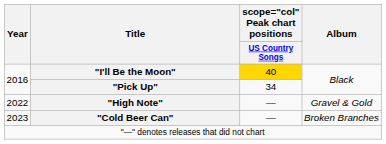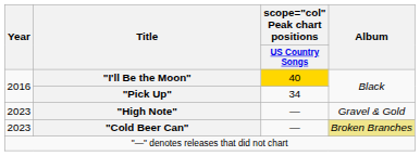 <table class="wikitable plainrowheaders" style="text-align:center;">
 <tr>
 <th scope="col" rowspan="2">Year</th>
 <th scope="col" rowspan="2" style="width:21em;">Title</th>
 <th>scope="col" Peak chart positions</th>
 <th scope="col" rowspan="2">Album</th>
 </tr>
 <tr style=font-size:smaller;>
 <th scope="col" style="width:4em;"><a href='#'>US Country Songs</a><br></th>
 </tr>
 <tr>
 <td rowspan="2">2016</td>
 <th scope="row">"I'll Be the Moon" </th>
 <td style="background: gold;">40</td>
 <td rowspan="2"><em>Black</em></td>
 </tr>
 <tr>
 <th scope="row">"Pick Up"</th>
 <td>34</td>
 </tr>
 <tr>
-<td>2022</td>
+<td>2023</td>
 <th scope="row">"High Note" </th>
 <td>—</td>
 <td><em>Gravel & Gold</em></td>
 </tr>
 <tr>
 <td>2023</td>
 <th scope="row">"Cold Beer Can" </th>
 <td>—</td>
-<td><em>Broken Branches</em></td>
+<td style="background: khaki;"><em>Broken Branches</em></td>
 </tr>
 <tr>
 <td colspan="4" style="font-size:85%">"—" denotes releases that did not chart</td>
 </tr>
 </table>
